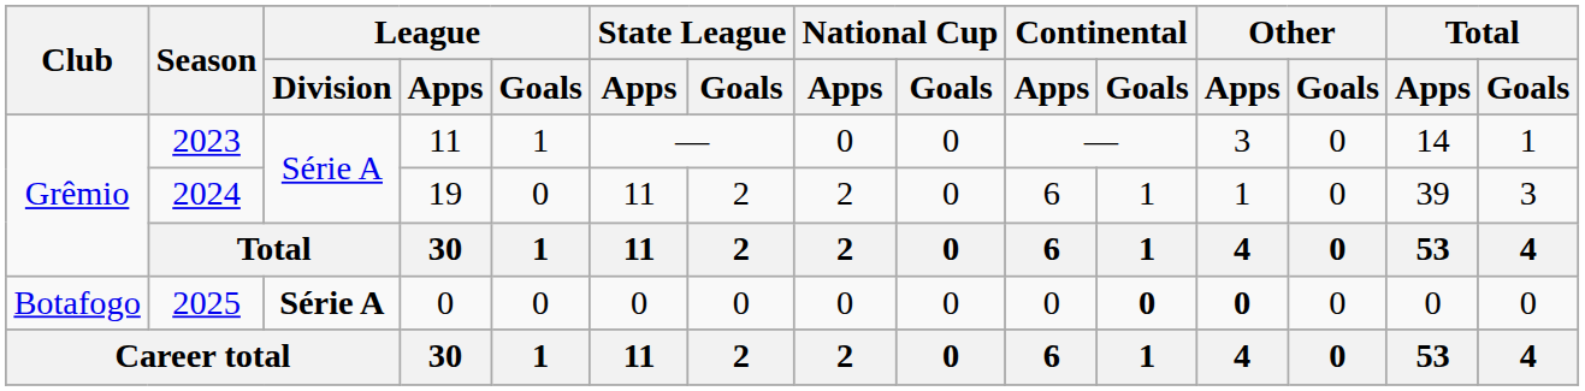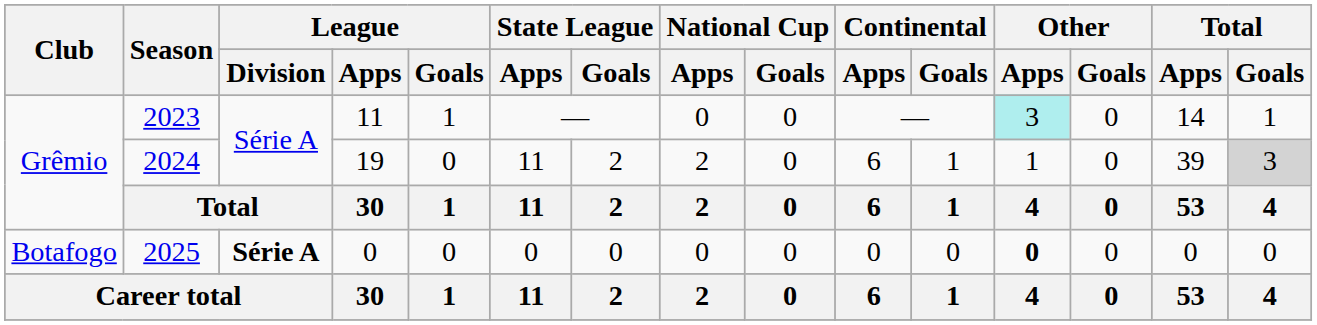 <table class="wikitable" style="text-align:center">
 <tr>
 <th rowspan="2">Club</th>
 <th rowspan="2">Season</th>
 <th colspan="3">League</th>
 <th colspan="2">State League</th>
 <th colspan="2">National Cup</th>
 <th colspan="2">Continental</th>
 <th colspan="2">Other</th>
 <th colspan="2">Total</th>
 </tr>
 <tr>
 <th>Division</th>
 <th>Apps</th>
 <th>Goals</th>
 <th>Apps</th>
 <th>Goals</th>
 <th>Apps</th>
 <th>Goals</th>
 <th>Apps</th>
 <th>Goals</th>
 <th>Apps</th>
 <th>Goals</th>
 <th>Apps</th>
 <th>Goals</th>
 </tr>
 <tr>
 <td rowspan="3"><a href='#'>Grêmio</a></td>
 <td><a href='#'>2023</a></td>
 <td rowspan="2"><a href='#'>Série A</a></td>
 <td>11</td>
 <td>1</td>
 <td colspan="2">—</td>
 <td>0</td>
 <td>0</td>
 <td colspan="2">—</td>
-<td>3</td>
+<td style="background: paleturquoise;">3</td>
 <td>0</td>
 <td>14</td>
 <td>1</td>
 </tr>
 <tr>
 <td><a href='#'>2024</a></td>
 <td>19</td>
 <td>0</td>
 <td>11</td>
 <td>2</td>
 <td>2</td>
 <td>0</td>
 <td>6</td>
 <td>1</td>
 <td>1</td>
 <td>0</td>
 <td>39</td>
-<td>3</td>
+<td style="background: lightgrey;">3</td>
 </tr>
 <tr>
 <th colspan="2">Total</th>
 <th>30</th>
 <th>1</th>
 <th>11</th>
 <th>2</th>
 <th>2</th>
 <th>0</th>
 <th>6</th>
 <th>1</th>
 <th>4</th>
 <th>0</th>
 <th>53</th>
 <th>4</th>
 </tr>
 <tr>
 <td><a href='#'>Botafogo</a></td>
 <td><a href='#'>2025</a></td>
 <td><strong>Série A</strong></td>
 <td>0</td>
 <td>0</td>
 <td>0</td>
 <td>0</td>
 <td>0</td>
 <td>0</td>
 <td>0</td>
-<td><strong>0</strong></td>
+<td>0</td>
 <td><strong>0</strong></td>
 <td>0</td>
 <td>0</td>
 <td>0</td>
 </tr>
 <tr>
 <th colspan="3">Career total</th>
 <th>30</th>
 <th>1</th>
 <th>11</th>
 <th>2</th>
 <th>2</th>
 <th>0</th>
 <th>6</th>
 <th>1</th>
 <th>4</th>
 <th>0</th>
 <th>53</th>
 <th>4</th>
 </tr>
 </table>
